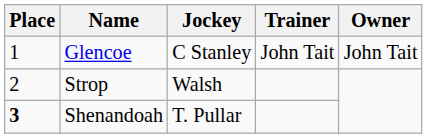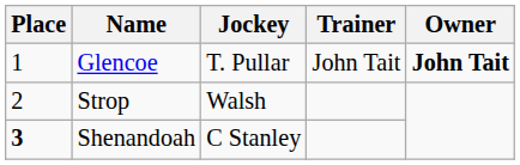 <table class="wikitable">
 <tr>
 <th>Place</th>
 <th>Name</th>
 <th>Jockey</th>
 <th>Trainer</th>
 <th>Owner</th>
 </tr>
 <tr>
 <td>1</td>
 <td><a href='#'>Glencoe</a></td>
-<td>C Stanley</td>
+<td>T. Pullar</td>
 <td>John Tait</td>
-<td>John Tait</td>
+<td><strong>John Tait</strong></td>
 </tr>
 <tr>
 <td>2</td>
 <td>Strop</td>
 <td>Walsh</td>
 <td></td>
 </tr>
 <tr>
 <td><strong>3</strong></td>
 <td>Shenandoah</td>
-<td>T. Pullar</td>
+<td>C Stanley</td>
 <td></td>
 </tr>
 </table>
